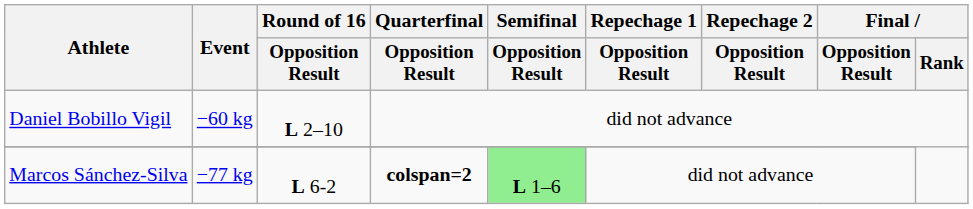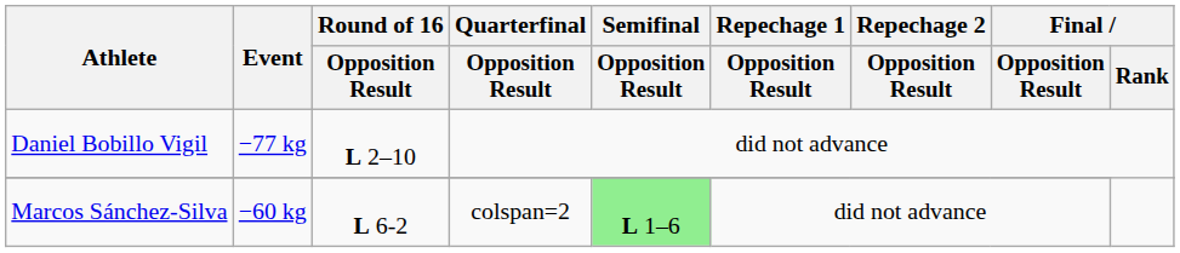 <table class="wikitable" style="font-size:90%">
 <tr>
 <th rowspan="2">Athlete</th>
 <th rowspan="2">Event</th>
 <th>Round of 16</th>
 <th>Quarterfinal</th>
 <th>Semifinal</th>
 <th>Repechage 1</th>
 <th>Repechage 2</th>
 <th colspan=2>Final / </th>
 </tr>
 <tr style="font-size: 95%">
 <th>Opposition<br>Result</th>
 <th>Opposition<br>Result</th>
 <th>Opposition<br>Result</th>
 <th>Opposition<br>Result</th>
 <th>Opposition<br>Result</th>
 <th>Opposition<br>Result</th>
 <th>Rank</th>
 </tr>
 <tr align=center>
 <td align=left><a href='#'>Daniel Bobillo Vigil</a></td>
-<td align=left><a href='#'>−60 kg</a></td>
+<td align=left><a href='#'>−77 kg</a></td>
 <td><br><strong>L</strong> 2–10</td>
 <td colspan=6>did not advance</td>
 </tr>
 <tr align=center>
 </tr>
 <tr align=center>
 <td align=left><a href='#'>Marcos Sánchez-Silva</a></td>
-<td align=left><a href='#'>−77 kg</a></td>
+<td align=left><a href='#'>−60 kg</a></td>
 <td><br><strong>L</strong> 6-2</td>
-<td><strong>colspan=2 </strong></td>
+<td>colspan=2 </td>
 <td style="background: lightgreen;"><br><strong>L</strong> 1–6</td>
 <td colspan=3>did not advance</td>
 </tr>
 </table>
